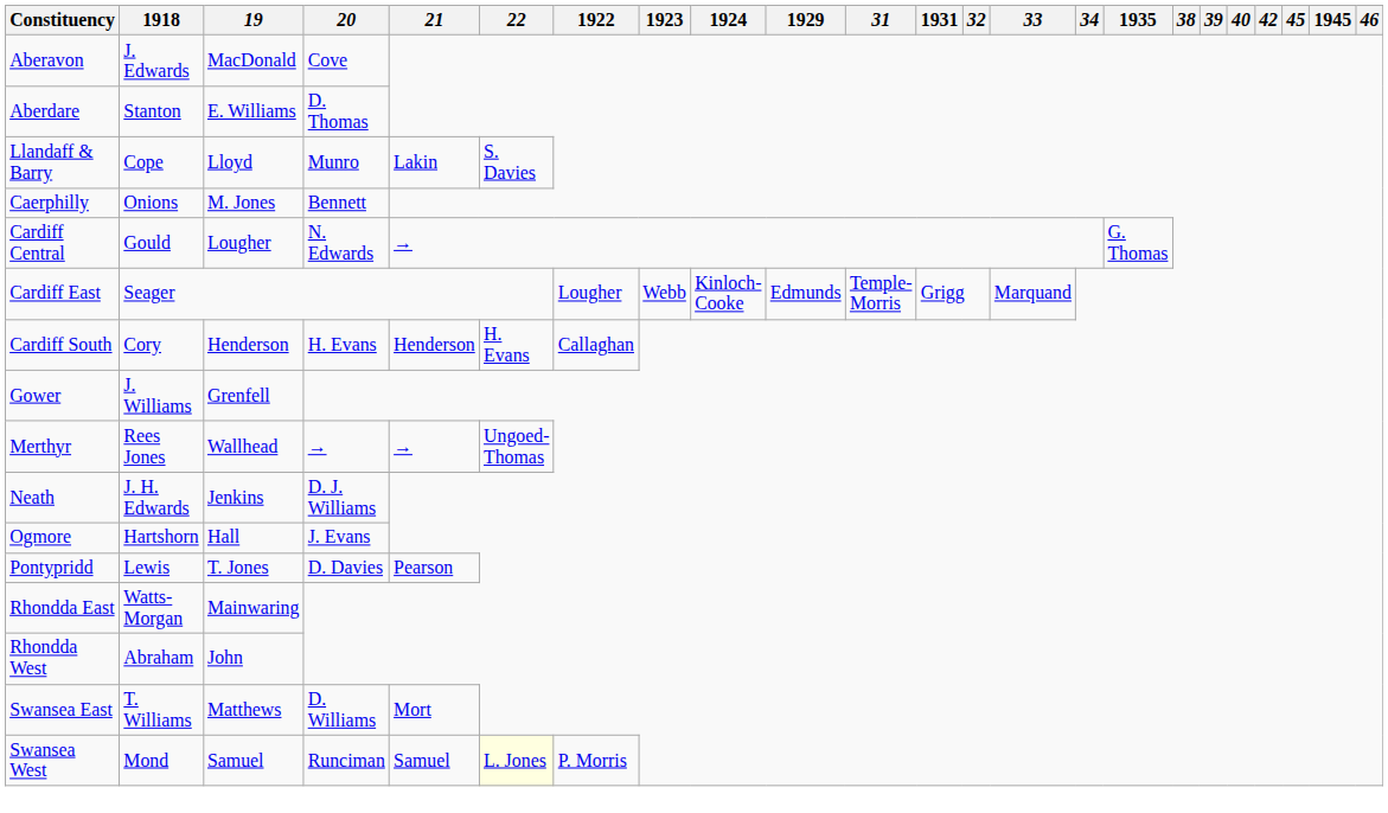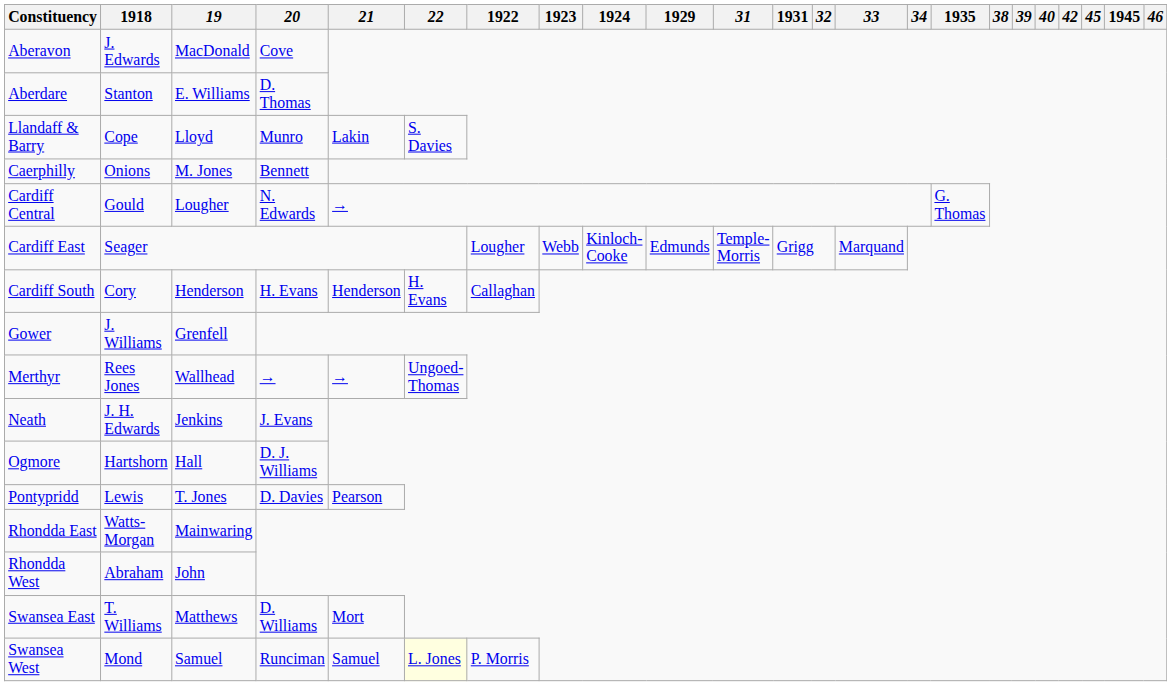 <table class="wikitable">
 <tr>
 <th>Constituency</th>
 <th>1918</th>
 <th><em>19</em></th>
 <th><em>20</em></th>
 <th><em>21</em></th>
 <th><em>22</em></th>
 <th>1922</th>
 <th>1923</th>
 <th>1924</th>
 <th>1929</th>
 <th><em>31</em></th>
 <th>1931</th>
 <th><em>32</em></th>
 <th><em>33</em></th>
 <th><em>34</em></th>
 <th>1935</th>
 <th><em>38</em></th>
 <th><em>39</em></th>
 <th><em>40</em></th>
 <th><em>42</em></th>
 <th><em>45</em></th>
 <th>1945</th>
 <th><em>46</em></th>
 </tr>
 <tr>
 <td><a href='#'>Aberavon</a></td>
 <td><a href='#'>J. Edwards</a></td>
 <td><a href='#'>MacDonald</a></td>
 <td><a href='#'>Cove</a></td>
 </tr>
 <tr>
 <td><a href='#'>Aberdare</a></td>
 <td><a href='#'>Stanton</a></td>
 <td><a href='#'>E. Williams</a></td>
 <td><a href='#'>D. Thomas</a></td>
 </tr>
 <tr>
 <td><a href='#'>Llandaff & Barry</a></td>
 <td><a href='#'>Cope</a></td>
 <td><a href='#'>Lloyd</a></td>
 <td><a href='#'>Munro</a></td>
 <td><a href='#'>Lakin</a></td>
 <td><a href='#'>S. Davies</a></td>
 </tr>
 <tr>
 <td><a href='#'>Caerphilly</a></td>
 <td><a href='#'>Onions</a></td>
 <td><a href='#'>M. Jones</a></td>
 <td><a href='#'>Bennett</a></td>
 </tr>
 <tr>
 <td><a href='#'>Cardiff Central</a></td>
 <td><a href='#'>Gould</a></td>
 <td><a href='#'>Lougher</a></td>
 <td><a href='#'>N. Edwards</a></td>
 <td colspan="11"><a href='#'>→</a></td>
 <td><a href='#'>G. Thomas</a></td>
 </tr>
 <tr>
 <td><a href='#'>Cardiff East</a></td>
 <td colspan="5"><a href='#'>Seager</a></td>
 <td><a href='#'>Lougher</a></td>
 <td><a href='#'>Webb</a></td>
 <td><a href='#'>Kinloch-Cooke</a></td>
 <td><a href='#'>Edmunds</a></td>
 <td><a href='#'>Temple-Morris</a></td>
 <td colspan="2"><a href='#'>Grigg</a></td>
 <td><a href='#'>Marquand</a></td>
 </tr>
 <tr>
 <td><a href='#'>Cardiff South</a></td>
 <td><a href='#'>Cory</a></td>
 <td><a href='#'>Henderson</a></td>
 <td><a href='#'>H. Evans</a></td>
 <td><a href='#'>Henderson</a></td>
 <td><a href='#'>H. Evans</a></td>
 <td><a href='#'>Callaghan</a></td>
 </tr>
 <tr>
 <td><a href='#'>Gower</a></td>
 <td><a href='#'>J. Williams</a></td>
 <td><a href='#'>Grenfell</a></td>
 </tr>
 <tr>
 <td><a href='#'>Merthyr</a></td>
 <td><a href='#'>Rees Jones</a></td>
 <td><a href='#'>Wallhead</a></td>
 <td><a href='#'>→</a></td>
 <td><a href='#'>→</a></td>
 <td><a href='#'>Ungoed-Thomas</a></td>
 </tr>
 <tr>
 <td><a href='#'>Neath</a></td>
 <td><a href='#'>J. H. Edwards</a></td>
 <td><a href='#'>Jenkins</a></td>
-<td><a href='#'>D. J. Williams</a></td>
+<td><a href='#'>J. Evans</a></td>
 </tr>
 <tr>
 <td><a href='#'>Ogmore</a></td>
 <td><a href='#'>Hartshorn</a></td>
 <td><a href='#'>Hall</a></td>
-<td><a href='#'>J. Evans</a></td>
+<td><a href='#'>D. J. Williams</a></td>
 </tr>
 <tr>
 <td><a href='#'>Pontypridd</a></td>
 <td><a href='#'>Lewis</a></td>
 <td><a href='#'>T. Jones</a></td>
 <td><a href='#'>D. Davies</a></td>
 <td><a href='#'>Pearson</a></td>
 </tr>
 <tr>
 <td><a href='#'>Rhondda East</a></td>
 <td><a href='#'>Watts-Morgan</a></td>
 <td><a href='#'>Mainwaring</a></td>
 </tr>
 <tr>
 <td><a href='#'>Rhondda West</a></td>
 <td><a href='#'>Abraham</a></td>
 <td><a href='#'>John</a></td>
 </tr>
 <tr>
 <td><a href='#'>Swansea East</a></td>
 <td><a href='#'>T. Williams</a></td>
 <td><a href='#'>Matthews</a></td>
 <td><a href='#'>D. Williams</a></td>
 <td><a href='#'>Mort</a></td>
 </tr>
 <tr>
 <td><a href='#'>Swansea West</a></td>
 <td><a href='#'>Mond</a></td>
 <td><a href='#'>Samuel</a></td>
 <td><a href='#'>Runciman</a></td>
 <td><a href='#'>Samuel</a></td>
 <td style="background: lightyellow;"><a href='#'>L. Jones</a></td>
 <td><a href='#'>P. Morris</a></td>
 </tr>
 </table>
